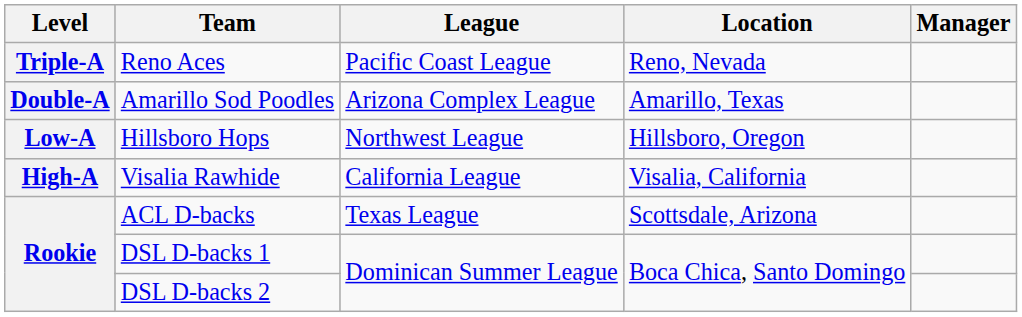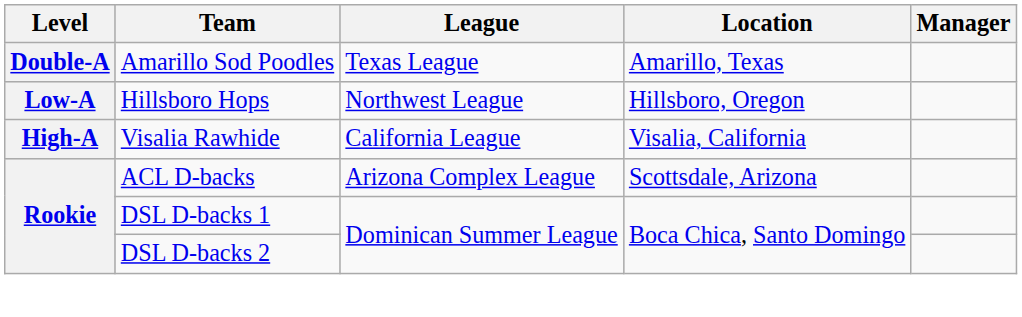 <table class="wikitable plainrowheaders">
 <tr>
 <th scope="col" style="text-align:center; ">Level</th>
 <th scope="col" style="text-align:center; ">Team</th>
 <th scope="col" style="text-align:center; ">League</th>
 <th scope="col" style="text-align:center; ">Location</th>
 <th scope="col" style="text-align:center; ">Manager</th>
 </tr>
 <tr>
-<th scope="row"><a href='#'>Triple-A</a></th>
-<td><a href='#'>Reno Aces</a></td>
-<td><a href='#'>Pacific Coast League</a></td>
-<td><a href='#'>Reno, Nevada</a></td>
-<td></td>
-</tr>
-<tr>
 <th scope="row"><a href='#'>Double-A</a></th>
 <td><a href='#'>Amarillo Sod Poodles</a></td>
-<td><a href='#'>Arizona Complex League</a></td>
+<td><a href='#'>Texas League</a></td>
 <td><a href='#'>Amarillo, Texas</a></td>
 <td></td>
 </tr>
 <tr>
 <th scope="row"><a href='#'>Low-A</a></th>
 <td><a href='#'>Hillsboro Hops</a></td>
 <td><a href='#'>Northwest League</a></td>
 <td><a href='#'>Hillsboro, Oregon</a></td>
 <td></td>
 </tr>
 <tr>
 <th scope="row"><a href='#'>High-A</a></th>
 <td><a href='#'>Visalia Rawhide</a></td>
 <td><a href='#'>California League</a></td>
 <td><a href='#'>Visalia, California</a></td>
 <td></td>
 </tr>
 <tr>
 <th scope="row" rowspan=4><a href='#'>Rookie</a></th>
 <td><a href='#'>ACL D-backs</a></td>
-<td><a href='#'>Texas League</a></td>
+<td><a href='#'>Arizona Complex League</a></td>
 <td><a href='#'>Scottsdale, Arizona</a></td>
 <td></td>
 </tr>
 <tr>
 <td><a href='#'>DSL D-backs 1</a></td>
 <td rowspan=2><a href='#'>Dominican Summer League</a></td>
 <td rowspan=2><a href='#'>Boca Chica</a>, <a href='#'>Santo Domingo</a></td>
 <td></td>
 </tr>
 <tr>
 <td><a href='#'>DSL D-backs 2</a></td>
 <td></td>
 </tr>
 </table>
